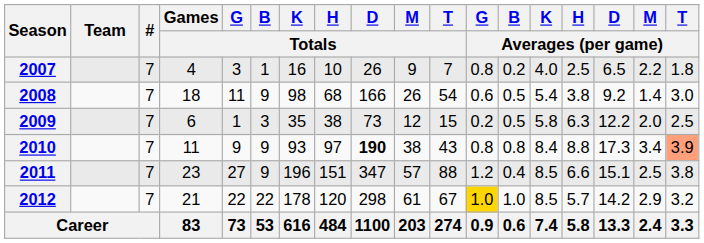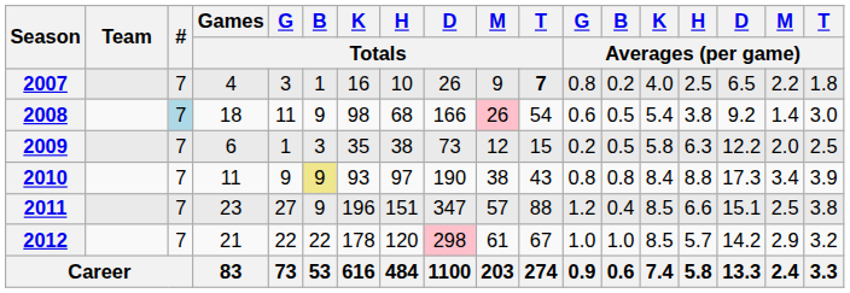 <table class="wikitable plainrowheaders sortable" style="font-size:90%; text-align:center;">
 <tr>
 <th scope="col" rowspan=2 style="width:3em">Season</th>
 <th scope="col" rowspan=2 style="width:10em">Team</th>
 <th scope="col" class="unsortable" rowspan=2 style="width:2em">#</th>
 <th scope="col" rowspan=1 style="width:3em">Games</th>
 <th scope="col" rowspan=1 style="width:2em"><a href='#'>G</a></th>
 <th scope="col" rowspan=1 style="width:2em"><a href='#'>B</a></th>
 <th scope="col" rowspan=1 style="width:2em"><a href='#'>K</a></th>
 <th scope="col" rowspan=1 style="width:2em"><a href='#'>H</a></th>
 <th scope="col" rowspan=1 style="width:2em"><a href='#'>D</a></th>
 <th scope="col" rowspan=1 style="width:2em"><a href='#'>M</a></th>
 <th scope="col" rowspan=1 style="width:2em"><a href='#'>T</a></th>
 <th scope="col" rowspan=1 style="width:2em"><a href='#'>G</a></th>
 <th scope="col" rowspan=1 style="width:2em"><a href='#'>B</a></th>
 <th scope="col" rowspan=1 style="width:2em"><a href='#'>K</a></th>
 <th scope="col" rowspan=1 style="width:2em"><a href='#'>H</a></th>
 <th scope="col" rowspan=1 style="width:2em"><a href='#'>D</a></th>
 <th scope="col" rowspan=1 style="width:2em"><a href='#'>M</a></th>
 <th scope="col" rowspan=1 style="width:2em"><a href='#'>T</a></th>
 </tr>
 <tr>
 <th scope="col" colspan=8>Totals</th>
 <th scope="col" colspan=7>Averages (per game)</th>
 </tr>
 <tr style="background-color: #EAEAEA">
 <th scope="row" style="text-align:center"><a href='#'>2007</a></th>
 <td></td>
 <td>7</td>
 <td>4</td>
 <td>3</td>
 <td>1</td>
 <td>16</td>
 <td>10</td>
 <td>26</td>
 <td>9</td>
-<td>7</td>
+<td><strong>7</strong></td>
 <td>0.8</td>
 <td>0.2</td>
 <td>4.0</td>
 <td>2.5</td>
 <td>6.5</td>
 <td>2.2</td>
 <td>1.8</td>
 </tr>
 <tr>
 <th scope="row" style="text-align:center"><a href='#'>2008</a></th>
 <td></td>
-<td>7</td>
+<td style="background: lightblue;">7</td>
 <td>18</td>
 <td>11</td>
 <td>9</td>
 <td>98</td>
 <td>68</td>
 <td>166</td>
-<td>26</td>
+<td style="background: pink;">26</td>
 <td>54</td>
 <td>0.6</td>
 <td>0.5</td>
 <td>5.4</td>
 <td>3.8</td>
 <td>9.2</td>
 <td>1.4</td>
 <td>3.0</td>
 </tr>
 <tr style="background-color: #EAEAEA">
 <th scope="row" style="text-align:center"><a href='#'>2009</a></th>
 <td></td>
 <td>7</td>
 <td>6</td>
 <td>1</td>
 <td>3</td>
 <td>35</td>
 <td>38</td>
 <td>73</td>
 <td>12</td>
 <td>15</td>
 <td>0.2</td>
 <td>0.5</td>
 <td>5.8</td>
 <td>6.3</td>
 <td>12.2</td>
 <td>2.0</td>
 <td>2.5</td>
 </tr>
 <tr>
 <th scope="row" style="text-align:center"><a href='#'>2010</a></th>
 <td></td>
 <td>7</td>
 <td>11</td>
 <td>9</td>
-<td>9</td>
+<td style="background: khaki;">9</td>
 <td>93</td>
 <td>97</td>
-<td><strong>190</strong></td>
+<td>190</td>
 <td>38</td>
 <td>43</td>
 <td>0.8</td>
 <td>0.8</td>
 <td>8.4</td>
 <td>8.8</td>
 <td>17.3</td>
 <td>3.4</td>
-<td style="background: lightsalmon;">3.9</td>
+<td>3.9</td>
 </tr>
 <tr style="background-color: #EAEAEA">
 <th scope="row" style="text-align:center"><a href='#'>2011</a></th>
 <td></td>
 <td>7</td>
 <td>23</td>
 <td>27</td>
 <td>9</td>
 <td>196</td>
 <td>151</td>
 <td>347</td>
 <td>57</td>
 <td>88</td>
 <td>1.2</td>
 <td>0.4</td>
 <td>8.5</td>
 <td>6.6</td>
 <td>15.1</td>
 <td>2.5</td>
 <td>3.8</td>
 </tr>
 <tr>
 <th scope="row" style="text-align:center"><a href='#'>2012</a></th>
 <td></td>
 <td>7</td>
 <td>21</td>
 <td>22</td>
 <td>22</td>
 <td>178</td>
 <td>120</td>
-<td>298</td>
+<td style="background: pink;">298</td>
 <td>61</td>
 <td>67</td>
-<td style="background: gold;">1.0</td>
+<td>1.0</td>
 <td>1.0</td>
 <td>8.5</td>
 <td>5.7</td>
 <td>14.2</td>
 <td>2.9</td>
 <td>3.2</td>
 </tr>
 <tr class="sortbottom">
 <th colspan=3>Career</th>
 <th>83</th>
 <th>73</th>
 <th>53</th>
 <th>616</th>
 <th>484</th>
 <th>1100</th>
 <th>203</th>
 <th>274</th>
 <th>0.9</th>
 <th>0.6</th>
 <th>7.4</th>
 <th>5.8</th>
 <th>13.3</th>
 <th>2.4</th>
 <th>3.3</th>
 </tr>
 </table>
